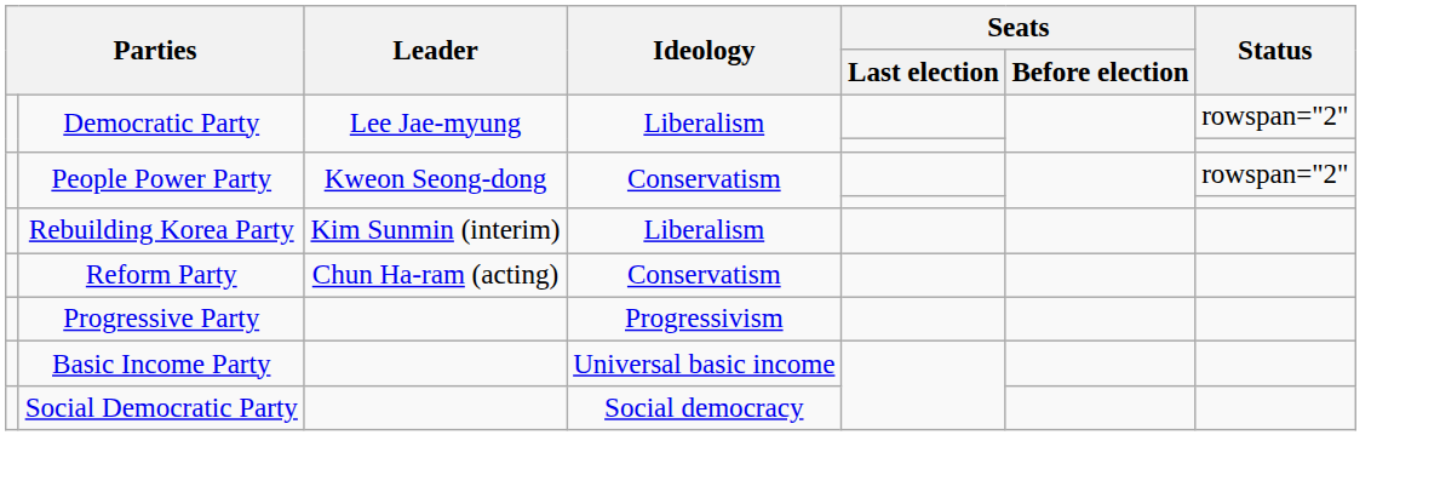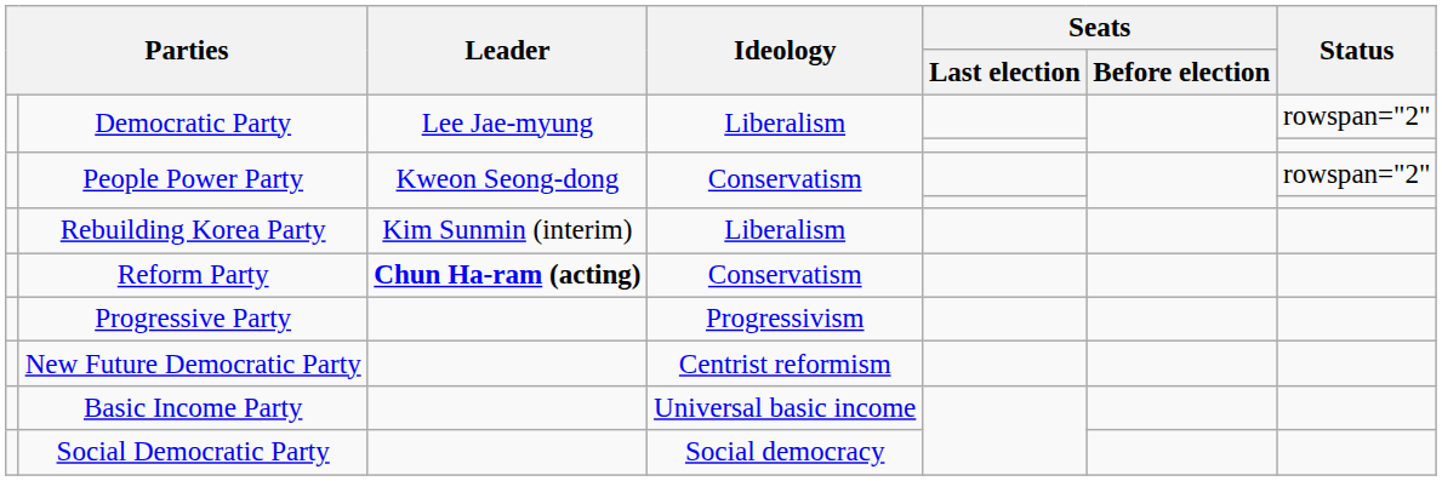 <table class="wikitable" style="text-align:center">
 <tr>
 <th colspan="2" rowspan="2">Parties</th>
 <th rowspan="2">Leader</th>
 <th rowspan="2">Ideology</th>
 <th colspan="2">Seats</th>
 <th rowspan="2">Status</th>
 </tr>
 <tr>
 <th>Last election</th>
 <th>Before election</th>
 </tr>
 <tr>
 <td rowspan="2" style="background:"></td>
 <td rowspan="2"><a href='#'>Democratic Party</a></td>
 <td rowspan="2"><a href='#'>Lee Jae-myung</a></td>
 <td rowspan="2"><a href='#'>Liberalism</a></td>
 <td></td>
 <td rowspan="2"></td>
 <td>rowspan="2" </td>
 </tr>
 <tr>
 <td></td>
 </tr>
 <tr>
 <td rowspan="2" style="background:"></td>
 <td rowspan="2"><a href='#'>People Power Party</a></td>
 <td rowspan="2"><a href='#'>Kweon Seong-dong</a></td>
 <td rowspan="2"><a href='#'>Conservatism</a></td>
 <td></td>
 <td rowspan="2"></td>
 <td>rowspan="2" </td>
 </tr>
 <tr>
 <td></td>
 </tr>
 <tr>
 <td style="background:"></td>
 <td><a href='#'>Rebuilding Korea Party</a></td>
 <td><a href='#'>Kim Sunmin</a> (interim)</td>
 <td><a href='#'>Liberalism</a></td>
 <td></td>
 <td></td>
 <td></td>
 </tr>
 <tr>
 <td style="background:"></td>
 <td><a href='#'>Reform Party</a></td>
-<td><a href='#'>Chun Ha-ram</a> (acting)</td>
+<td><strong><a href='#'>Chun Ha-ram</a> (acting)</strong></td>
 <td><a href='#'>Conservatism</a></td>
 <td></td>
 <td></td>
 <td></td>
 </tr>
 <tr>
 <td style="background:"></td>
 <td><a href='#'>Progressive Party</a></td>
 <td></td>
 <td><a href='#'>Progressivism</a></td>
+<td></td>
+<td></td>
+<td></td>
+</tr>
+<tr>
+<td style="background:"></td>
+<td><a href='#'>New Future Democratic Party</a></td>
+<td></td>
+<td><a href='#'>Centrist reformism</a></td>
 <td></td>
 <td></td>
 <td></td>
 </tr>
 <tr>
 <td style="background:"></td>
 <td><a href='#'>Basic Income Party</a></td>
 <td></td>
 <td><a href='#'>Universal basic income</a></td>
 <td rowspan="2"></td>
 <td></td>
 <td></td>
 </tr>
 <tr>
 <td style="background:"></td>
 <td><a href='#'>Social Democratic Party</a></td>
 <td></td>
 <td><a href='#'>Social democracy</a></td>
 <td></td>
 <td></td>
 </tr>
 </table>
